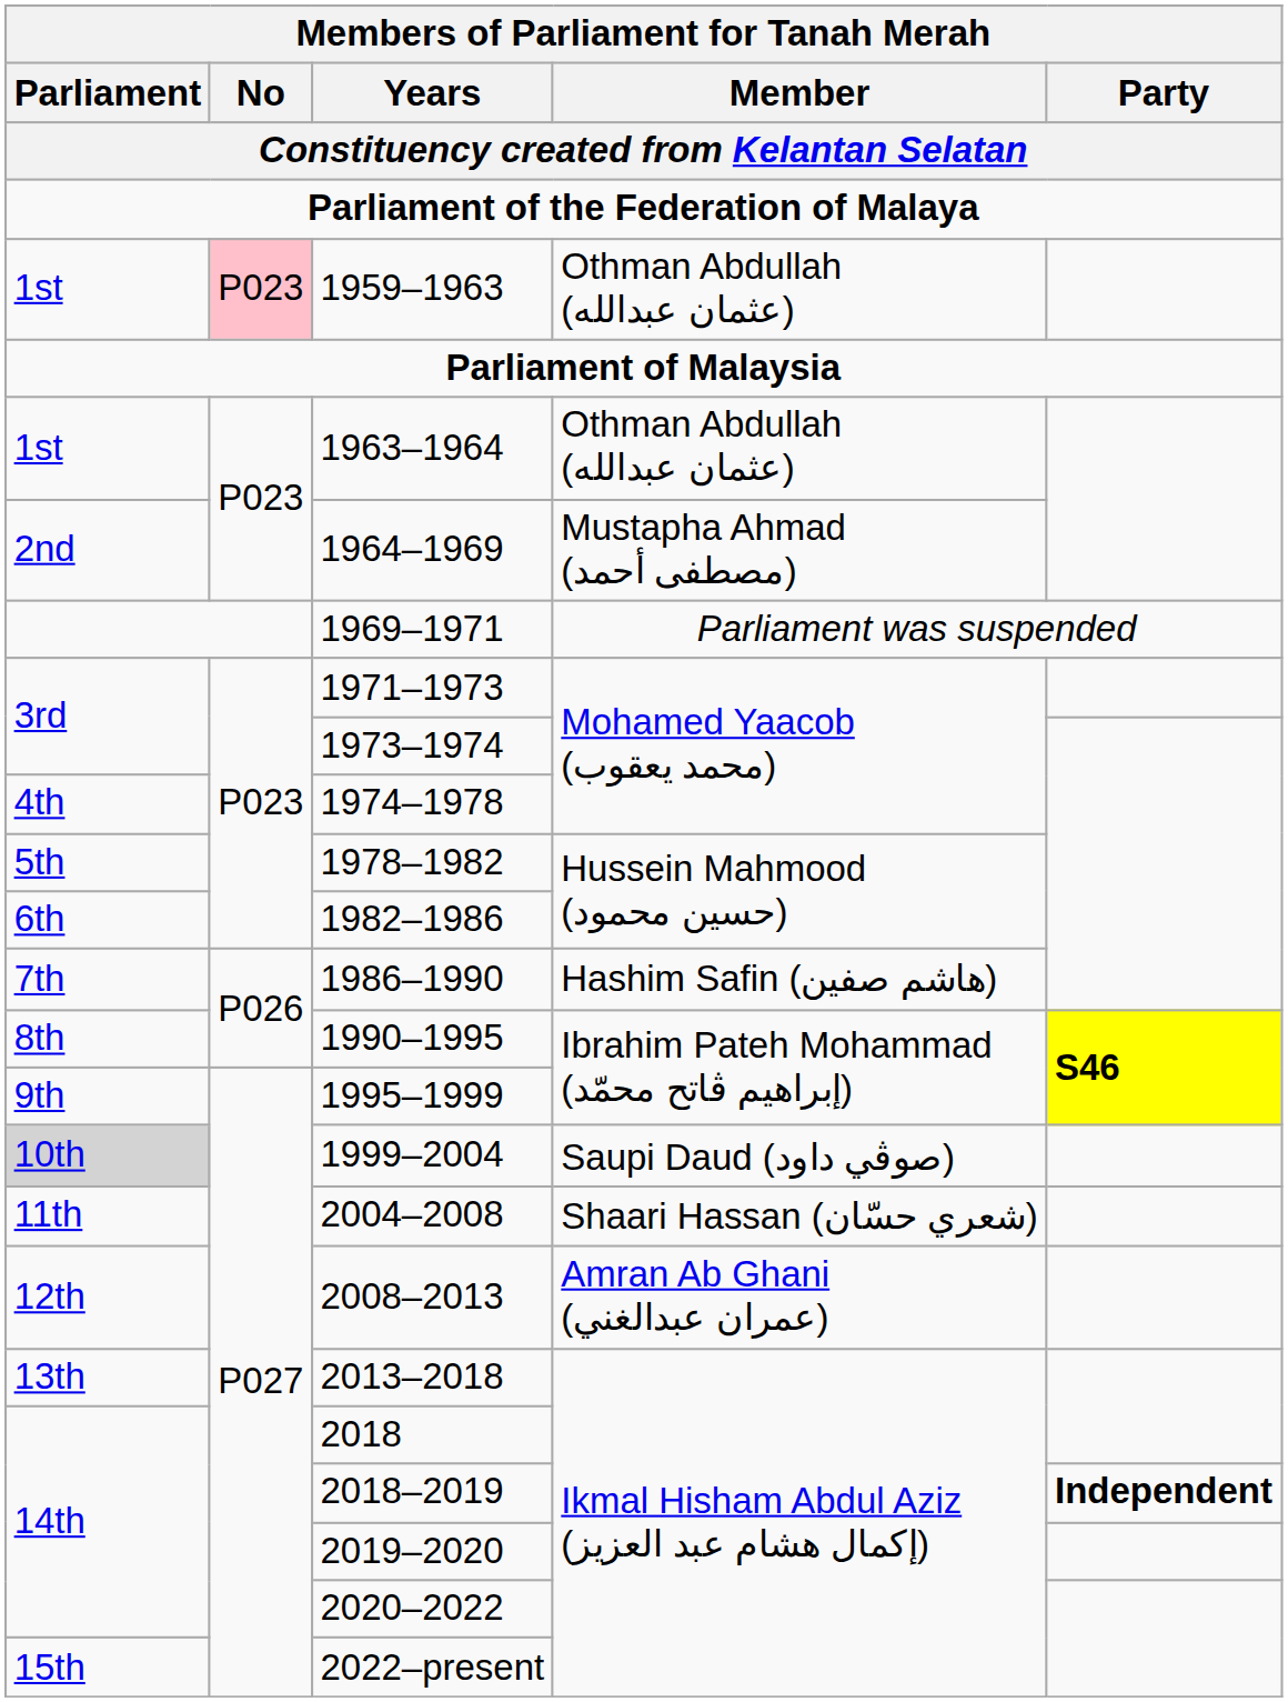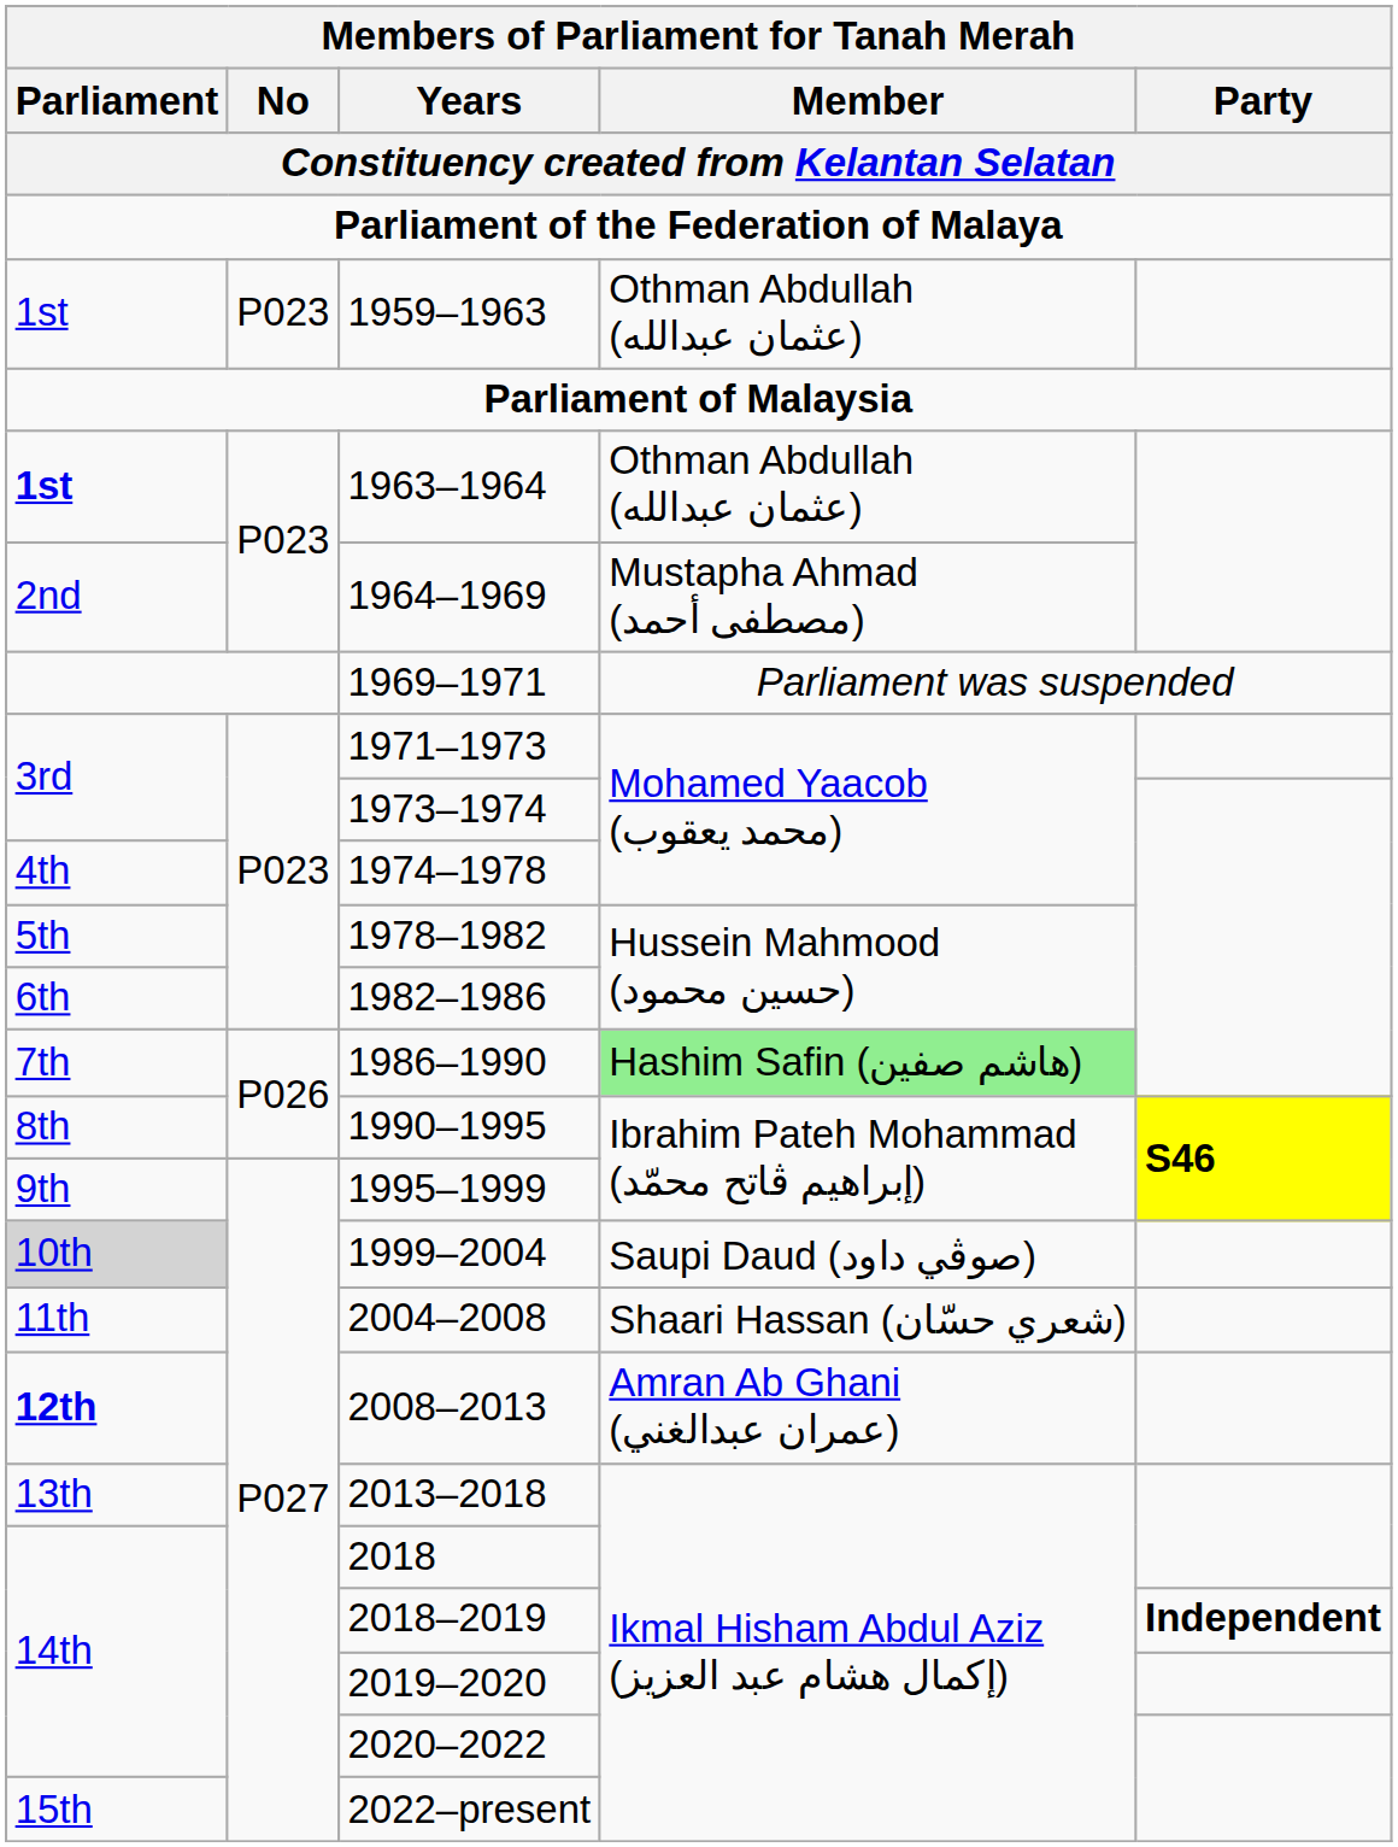 <table class=wikitable>
 <tr>
 <th colspan="5">Members of Parliament for Tanah Merah</th>
 </tr>
 <tr>
 <th>Parliament</th>
 <th>No</th>
 <th>Years</th>
 <th>Member</th>
 <th>Party</th>
 </tr>
 <tr>
 <th colspan="5" align="center"><em>Constituency created from <a href='#'>Kelantan Selatan</a></em></th>
 </tr>
 <tr>
 <td colspan="5" align="center"><strong>Parliament of the Federation of Malaya</strong></td>
 </tr>
 <tr>
 <td><a href='#'>1st</a></td>
-<td style="background: pink;">P023</td>
+<td>P023</td>
 <td>1959–1963</td>
 <td>Othman Abdullah <br>(عثمان عبدالله)</td>
 <td></td>
 </tr>
 <tr>
 <td colspan="5" align="center"><strong>Parliament of Malaysia</strong></td>
 </tr>
 <tr>
-<td><a href='#'>1st</a></td>
+<td><strong><a href='#'>1st</a></strong></td>
 <td rowspan="2">P023</td>
 <td>1963–1964</td>
 <td>Othman Abdullah  <br>(عثمان عبدالله)</td>
 <td rowspan="2"></td>
 </tr>
 <tr>
 <td><a href='#'>2nd</a></td>
 <td>1964–1969</td>
 <td>Mustapha Ahmad  <br>(مصطفى أحمد)</td>
 </tr>
 <tr>
 <td colspan="2"></td>
 <td>1969–1971</td>
 <td colspan=2 align=center><em>Parliament was suspended</em></td>
 </tr>
 <tr>
 <td rowspan=2><a href='#'>3rd</a></td>
 <td rowspan="5">P023</td>
 <td>1971–1973</td>
 <td rowspan=3><a href='#'>Mohamed Yaacob</a> <br>(محمد يعقوب)</td>
 <td></td>
 </tr>
 <tr>
 <td>1973–1974</td>
 <td rowspan=5></td>
 </tr>
 <tr>
 <td><a href='#'>4th</a></td>
 <td>1974–1978</td>
 </tr>
 <tr>
 <td><a href='#'>5th</a></td>
 <td>1978–1982</td>
 <td rowspan=2>Hussein Mahmood  <br>(حسين محمود)</td>
 </tr>
 <tr>
 <td><a href='#'>6th</a></td>
 <td>1982–1986</td>
 </tr>
 <tr>
 <td><a href='#'>7th</a></td>
 <td rowspan="2">P026</td>
 <td>1986–1990</td>
-<td>Hashim Safin (هاشم صفين)</td>
+<td style="background: lightgreen;">Hashim Safin (هاشم صفين)</td>
 </tr>
 <tr>
 <td><a href='#'>8th</a></td>
 <td>1990–1995</td>
 <td rowspan=2>Ibrahim Pateh Mohammad  <br>(إبراهيم ڤاتح محمّد)</td>
 <td rowspan="2" bgcolor="yellow"><strong>S46</strong></td>
 </tr>
 <tr>
 <td><a href='#'>9th</a></td>
 <td rowspan="10">P027</td>
 <td>1995–1999</td>
 </tr>
 <tr>
 <td style="background: lightgrey;"><a href='#'>10th</a></td>
 <td>1999–2004</td>
 <td>Saupi Daud (صوڤي داود)</td>
 <td></td>
 </tr>
 <tr>
 <td><a href='#'>11th</a></td>
 <td>2004–2008</td>
 <td>Shaari Hassan (شعري حسّان)</td>
 <td></td>
 </tr>
 <tr>
-<td><a href='#'>12th</a></td>
+<td><strong><a href='#'>12th</a></strong></td>
 <td>2008–2013</td>
 <td><a href='#'>Amran Ab Ghani</a>  <br>(عمران عبدالغني)</td>
 <td></td>
 </tr>
 <tr>
 <td><a href='#'>13th</a></td>
 <td>2013–2018</td>
 <td rowspan="6"><a href='#'>Ikmal Hisham Abdul Aziz</a> <br>(إكمال هشام عبد العزيز)</td>
 <td rowspan="2"></td>
 </tr>
 <tr>
 <td rowspan="4"><a href='#'>14th</a></td>
 <td>2018</td>
 </tr>
 <tr>
 <td>2018–2019</td>
 <td><strong>Independent</strong></td>
 </tr>
 <tr>
 <td>2019–2020</td>
 <td></td>
 </tr>
 <tr>
 <td>2020–2022</td>
 <td rowspan="2"></td>
 </tr>
 <tr>
 <td><a href='#'>15th</a></td>
 <td>2022–present</td>
 </tr>
 </table>
